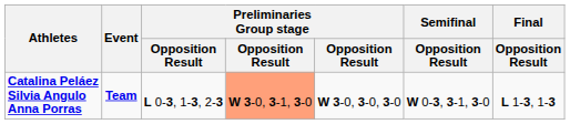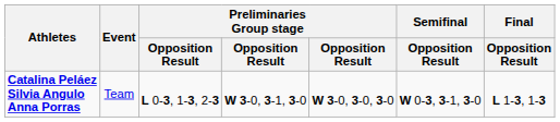 <table class="wikitable" border="1" style="font-size:90%">
 <tr>
 <th rowspan=2>Athletes</th>
 <th rowspan=2>Event</th>
 <th colspan=3>Preliminaries<br>Group stage</th>
 <th>Semifinal</th>
 <th>Final</th>
 </tr>
 <tr>
 <th>Opposition<br>Result</th>
 <th>Opposition<br>Result</th>
 <th>Opposition<br>Result</th>
 <th>Opposition<br>Result</th>
 <th>Opposition<br>Result</th>
 </tr>
 <tr>
 <td><strong><a href='#'>Catalina Peláez</a><br><a href='#'>Silvia Angulo</a><br><a href='#'>Anna Porras</a></strong></td>
-<td align=center><strong><a href='#'>Team</a></strong></td>
+<td align=center><a href='#'>Team</a></td>
 <td align=center><br><strong>L</strong> 0-<strong>3</strong>, 1-<strong>3</strong>, 2-<strong>3</strong></td>
-<td align=center style="background: lightsalmon;"><br><strong>W</strong> <strong>3</strong>-0, <strong>3</strong>-1, <strong>3</strong>-0</td>
+<td align=center><br><strong>W</strong> <strong>3</strong>-0, <strong>3</strong>-1, <strong>3</strong>-0</td>
 <td align=center><br><strong>W</strong> <strong>3</strong>-0, <strong>3</strong>-0, <strong>3</strong>-0</td>
 <td align=center><br><strong>W</strong> 0-<strong>3</strong>, <strong>3</strong>-1, <strong>3</strong>-0</td>
 <td align=center><br><strong>L</strong> 1-<strong>3</strong>, 1-<strong>3</strong><br></td>
 </tr>
 </table>
